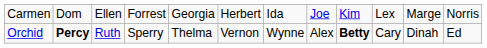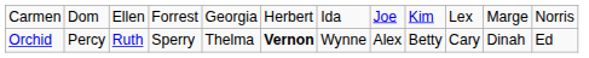 <table class="wikitable">
 <tr>
 <td>Carmen</td>
 <td>Dom</td>
 <td>Ellen</td>
 <td>Forrest</td>
 <td>Georgia</td>
 <td>Herbert</td>
 <td>Ida</td>
 <td><a href='#'>Joe</a></td>
 <td><a href='#'>Kim</a></td>
 <td>Lex</td>
 <td>Marge</td>
 <td>Norris</td>
 </tr>
 <tr>
 <td><a href='#'>Orchid</a></td>
-<td><strong>Percy</strong></td>
+<td>Percy</td>
 <td><a href='#'>Ruth</a></td>
 <td>Sperry</td>
 <td>Thelma</td>
-<td>Vernon</td>
+<td><strong>Vernon</strong></td>
 <td>Wynne</td>
 <td>Alex</td>
-<td><strong>Betty</strong></td>
+<td>Betty</td>
 <td>Cary</td>
 <td>Dinah</td>
 <td>Ed</td>
 </tr>
 </table>
